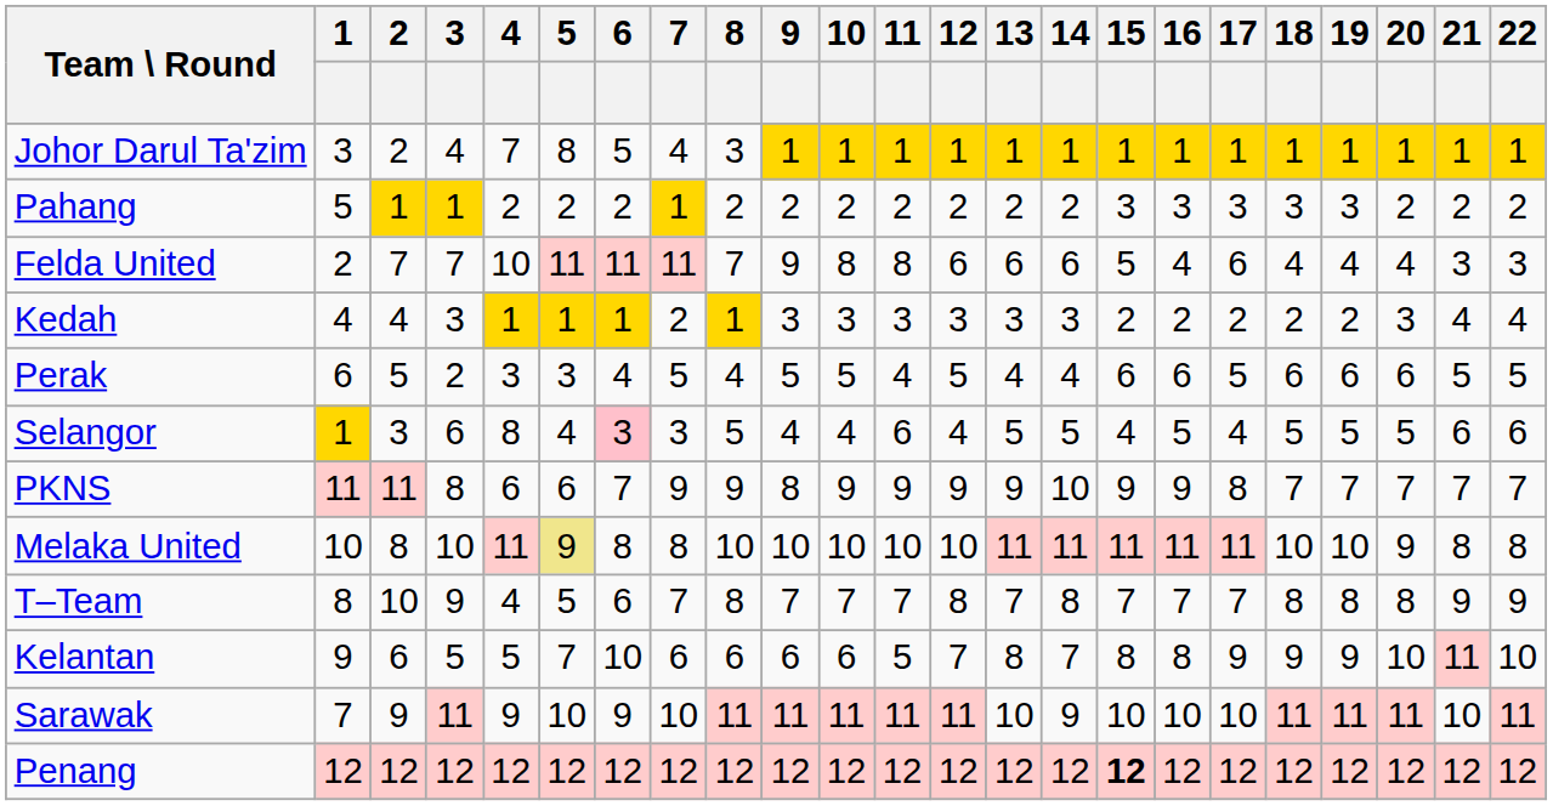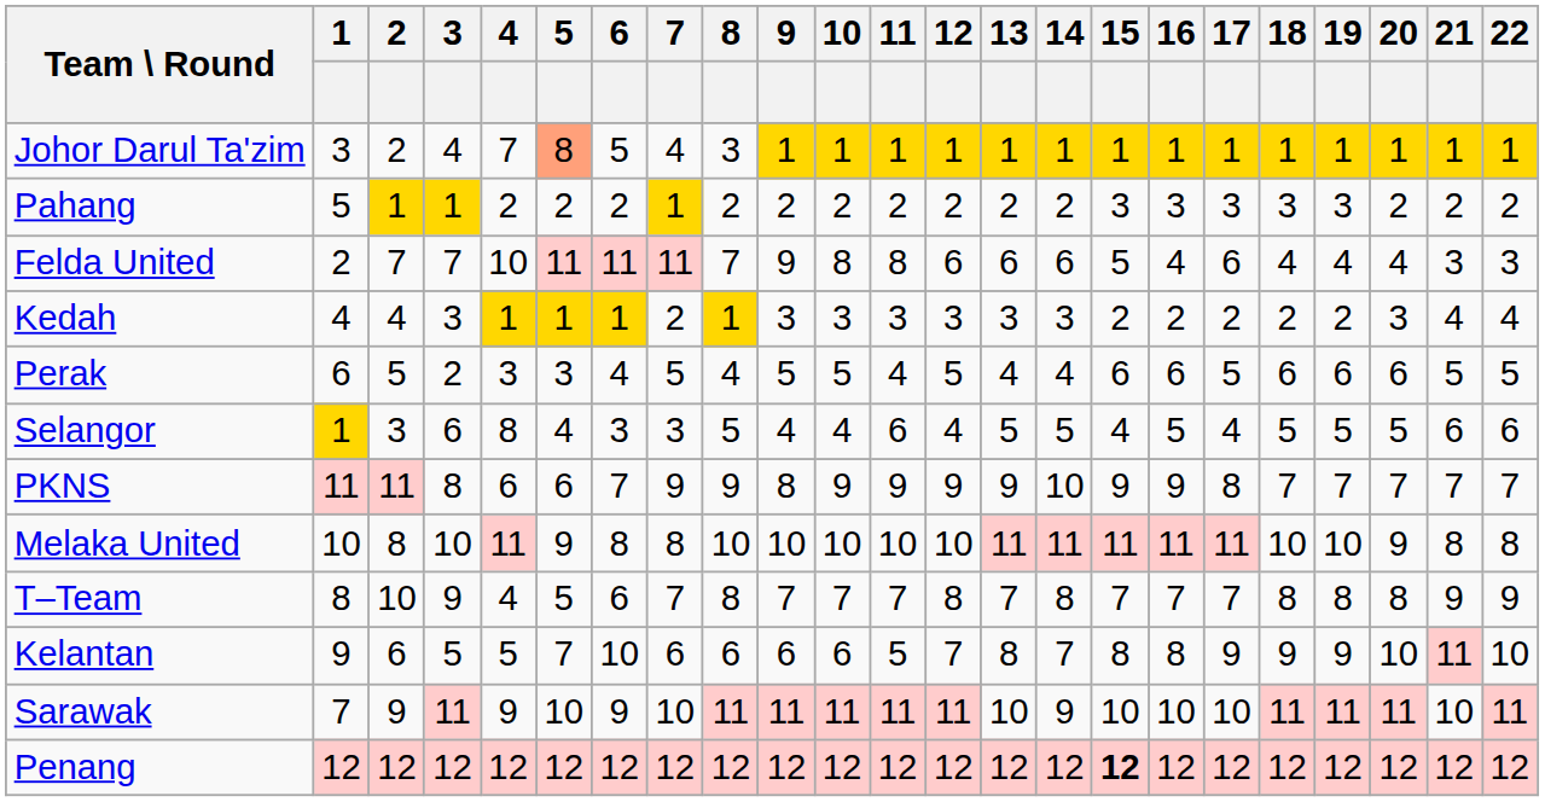 <table class="wikitable sortable" style="text-align:center;">
 <tr>
 <th rowspan="2">Team \ Round</th>
 <th>1</th>
 <th>2</th>
 <th>3</th>
 <th>4</th>
 <th>5</th>
 <th>6</th>
 <th>7</th>
 <th>8</th>
 <th>9</th>
 <th>10</th>
 <th>11</th>
 <th>12</th>
 <th>13</th>
 <th>14</th>
 <th>15</th>
 <th>16</th>
 <th>17</th>
 <th>18</th>
 <th>19</th>
 <th>20</th>
 <th>21</th>
 <th>22</th>
 </tr>
 <tr>
 <th style="height:20px;"></th>
 <th></th>
 <th></th>
 <th></th>
 <th></th>
 <th></th>
 <th></th>
 <th></th>
 <th></th>
 <th></th>
 <th></th>
 <th></th>
 <th></th>
 <th></th>
 <th></th>
 <th></th>
 <th></th>
 <th></th>
 <th></th>
 <th></th>
 <th></th>
 <th></th>
 </tr>
 <tr>
 <td align=left><a href='#'>Johor Darul Ta'zim</a></td>
 <td>3</td>
 <td>2</td>
 <td>4</td>
 <td>7</td>
-<td>8</td>
+<td style="background: lightsalmon;">8</td>
 <td>5</td>
 <td>4</td>
 <td>3</td>
 <td style="width:10px; background:gold;">1</td>
 <td style="width:10px; background:gold;">1</td>
 <td style="width:10px; background:gold;">1</td>
 <td style="width:10px; background:gold;">1</td>
 <td style="width:10px; background:gold;">1</td>
 <td style="width:10px; background:gold;">1</td>
 <td style="width:10px; background:gold;">1</td>
 <td style="width:10px; background:gold;">1</td>
 <td style="width:10px; background:gold;">1</td>
 <td style="width:10px; background:gold;">1</td>
 <td style="width:10px; background:gold;">1</td>
 <td style="width:10px; background:gold;">1</td>
 <td style="width:10px; background:gold;">1</td>
 <td style="width:10px; background:gold;">1</td>
 </tr>
 <tr>
 <td align=left><a href='#'>Pahang</a></td>
 <td>5</td>
 <td style="width:10px; background:gold;">1</td>
 <td style="width:10px; background:gold;">1</td>
 <td>2</td>
 <td>2</td>
 <td>2</td>
 <td style="width:10px; background:gold;">1</td>
 <td>2</td>
 <td>2</td>
 <td>2</td>
 <td>2</td>
 <td>2</td>
 <td>2</td>
 <td>2</td>
 <td>3</td>
 <td>3</td>
 <td>3</td>
 <td>3</td>
 <td>3</td>
 <td>2</td>
 <td>2</td>
 <td>2</td>
 </tr>
 <tr>
 <td align=left><a href='#'>Felda United</a></td>
 <td>2</td>
 <td>7</td>
 <td>7</td>
 <td>10</td>
 <td style="width:10px; background:#fcc;">11</td>
 <td style="width:10px; background:#fcc;">11</td>
 <td style="width:10px; background:#fcc;">11</td>
 <td>7</td>
 <td>9</td>
 <td>8</td>
 <td>8</td>
 <td>6</td>
 <td>6</td>
 <td>6</td>
 <td>5</td>
 <td>4</td>
 <td>6</td>
 <td>4</td>
 <td>4</td>
 <td>4</td>
 <td>3</td>
 <td>3</td>
 </tr>
 <tr>
 <td align=left><a href='#'>Kedah</a></td>
 <td>4</td>
 <td>4</td>
 <td>3</td>
 <td style="width:10px; background:gold;">1</td>
 <td style="width:10px; background:gold;">1</td>
 <td style="width:10px; background:gold;">1</td>
 <td>2</td>
 <td style="width:10px; background:gold;">1</td>
 <td>3</td>
 <td>3</td>
 <td>3</td>
 <td>3</td>
 <td>3</td>
 <td>3</td>
 <td>2</td>
 <td>2</td>
 <td>2</td>
 <td>2</td>
 <td>2</td>
 <td>3</td>
 <td>4</td>
 <td>4</td>
 </tr>
 <tr>
 <td align=left><a href='#'>Perak</a></td>
 <td>6</td>
 <td>5</td>
 <td>2</td>
 <td>3</td>
 <td>3</td>
 <td>4</td>
 <td>5</td>
 <td>4</td>
 <td>5</td>
 <td>5</td>
 <td>4</td>
 <td>5</td>
 <td>4</td>
 <td>4</td>
 <td>6</td>
 <td>6</td>
 <td>5</td>
 <td>6</td>
 <td>6</td>
 <td>6</td>
 <td>5</td>
 <td>5</td>
 </tr>
 <tr>
 <td align=left><a href='#'>Selangor</a></td>
 <td style="width:10px; background:gold;">1</td>
 <td>3</td>
 <td>6</td>
 <td>8</td>
 <td>4</td>
-<td style="background: pink;">3</td>
+<td>3</td>
 <td>3</td>
 <td>5</td>
 <td>4</td>
 <td>4</td>
 <td>6</td>
 <td>4</td>
 <td>5</td>
 <td>5</td>
 <td>4</td>
 <td>5</td>
 <td>4</td>
 <td>5</td>
 <td>5</td>
 <td>5</td>
 <td>6</td>
 <td>6</td>
 </tr>
 <tr>
 <td align=left><a href='#'>PKNS</a></td>
 <td style="width:10px; background:#fcc;">11</td>
 <td style="width:10px; background:#fcc;">11</td>
 <td>8</td>
 <td>6</td>
 <td>6</td>
 <td>7</td>
 <td>9</td>
 <td>9</td>
 <td>8</td>
 <td>9</td>
 <td>9</td>
 <td>9</td>
 <td>9</td>
 <td>10</td>
 <td>9</td>
 <td>9</td>
 <td>8</td>
 <td>7</td>
 <td>7</td>
 <td>7</td>
 <td>7</td>
 <td>7</td>
 </tr>
 <tr>
 <td align=left><a href='#'>Melaka United</a></td>
 <td>10</td>
 <td>8</td>
 <td>10</td>
 <td style="width:10px; background:#fcc;">11</td>
-<td style="background: khaki;">9</td>
+<td>9</td>
 <td>8</td>
 <td>8</td>
 <td>10</td>
 <td>10</td>
 <td>10</td>
 <td>10</td>
 <td>10</td>
 <td style="width:10px; background:#fcc;">11</td>
 <td style="width:10px; background:#fcc;">11</td>
 <td style="width:10px; background:#fcc;">11</td>
 <td style="width:10px; background:#fcc;">11</td>
 <td style="width:10px; background:#fcc;">11</td>
 <td>10</td>
 <td>10</td>
 <td>9</td>
 <td>8</td>
 <td>8</td>
 </tr>
 <tr>
 <td align=left><a href='#'>T–Team</a></td>
 <td>8</td>
 <td>10</td>
 <td>9</td>
 <td>4</td>
 <td>5</td>
 <td>6</td>
 <td>7</td>
 <td>8</td>
 <td>7</td>
 <td>7</td>
 <td>7</td>
 <td>8</td>
 <td>7</td>
 <td>8</td>
 <td>7</td>
 <td>7</td>
 <td>7</td>
 <td>8</td>
 <td>8</td>
 <td>8</td>
 <td>9</td>
 <td>9</td>
 </tr>
 <tr>
 <td align=left><a href='#'>Kelantan</a></td>
 <td>9</td>
 <td>6</td>
 <td>5</td>
 <td>5</td>
 <td>7</td>
 <td>10</td>
 <td>6</td>
 <td>6</td>
 <td>6</td>
 <td>6</td>
 <td>5</td>
 <td>7</td>
 <td>8</td>
 <td>7</td>
 <td>8</td>
 <td>8</td>
 <td>9</td>
 <td>9</td>
 <td>9</td>
 <td>10</td>
 <td style="width:10px; background:#fcc;">11</td>
 <td>10</td>
 </tr>
 <tr>
 <td align=left><a href='#'>Sarawak</a></td>
 <td>7</td>
 <td>9</td>
 <td style="width:10px; background:#fcc;">11</td>
 <td>9</td>
 <td>10</td>
 <td>9</td>
 <td>10</td>
 <td style="width:10px; background:#fcc;">11</td>
 <td style="width:10px; background:#fcc;">11</td>
 <td style="width:10px; background:#fcc;">11</td>
 <td style="width:10px; background:#fcc;">11</td>
 <td style="width:10px; background:#fcc;">11</td>
 <td>10</td>
 <td>9</td>
 <td>10</td>
 <td>10</td>
 <td>10</td>
 <td style="width:10px; background:#fcc;">11</td>
 <td style="width:10px; background:#fcc;">11</td>
 <td style="width:10px; background:#fcc;">11</td>
 <td>10</td>
 <td style="width:10px; background:#fcc;">11</td>
 </tr>
 <tr>
 <td align=left><a href='#'>Penang</a></td>
 <td style="width:10px; background:#fcc;">12</td>
 <td style="width:10px; background:#fcc;">12</td>
 <td style="width:10px; background:#fcc;">12</td>
 <td style="width:10px; background:#fcc;">12</td>
 <td style="width:10px; background:#fcc;">12</td>
 <td style="width:10px; background:#fcc;">12</td>
 <td style="width:10px; background:#fcc;">12</td>
 <td style="width:10px; background:#fcc;">12</td>
 <td style="width:10px; background:#fcc;">12</td>
 <td style="width:10px; background:#fcc;">12</td>
 <td style="width:10px; background:#fcc;">12</td>
 <td style="width:10px; background:#fcc;">12</td>
 <td style="width:10px; background:#fcc;">12</td>
 <td style="width:10px; background:#fcc;">12</td>
 <td style="width:10px; background:#fcc;"><strong>12</strong></td>
 <td style="width:10px; background:#fcc;">12</td>
 <td style="width:10px; background:#fcc;">12</td>
 <td style="width:10px; background:#fcc;">12</td>
 <td style="width:10px; background:#fcc;">12</td>
 <td style="width:10px; background:#fcc;">12</td>
 <td style="width:10px; background:#fcc;">12</td>
 <td style="width:10px; background:#fcc;">12</td>
 </tr>
 </table>
